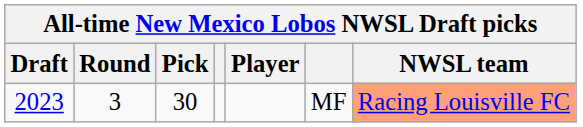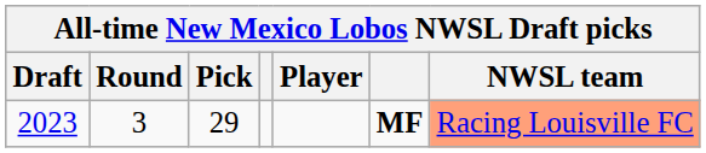 <table class="wikitable sortable" style="text-align: center;">
 <tr>
 <th colspan="7" style="background:#">All-time <a href='#'><span>New Mexico Lobos</span></a> NWSL Draft picks</th>
 </tr>
 <tr>
 <th scope="col">Draft</th>
 <th scope="col">Round</th>
 <th scope="col">Pick</th>
 <th scope="col"></th>
 <th scope="col">Player</th>
 <th scope="col"></th>
 <th scope="col">NWSL team</th>
 </tr>
 <tr>
 <td><a href='#'>2023</a></td>
 <td>3</td>
-<td>30</td>
+<td>29</td>
 <td></td>
 <td></td>
-<td>MF</td>
+<td><strong>MF</strong></td>
 <td style="background: lightsalmon;"><a href='#'>Racing Louisville FC</a></td>
 </tr>
 </table>
